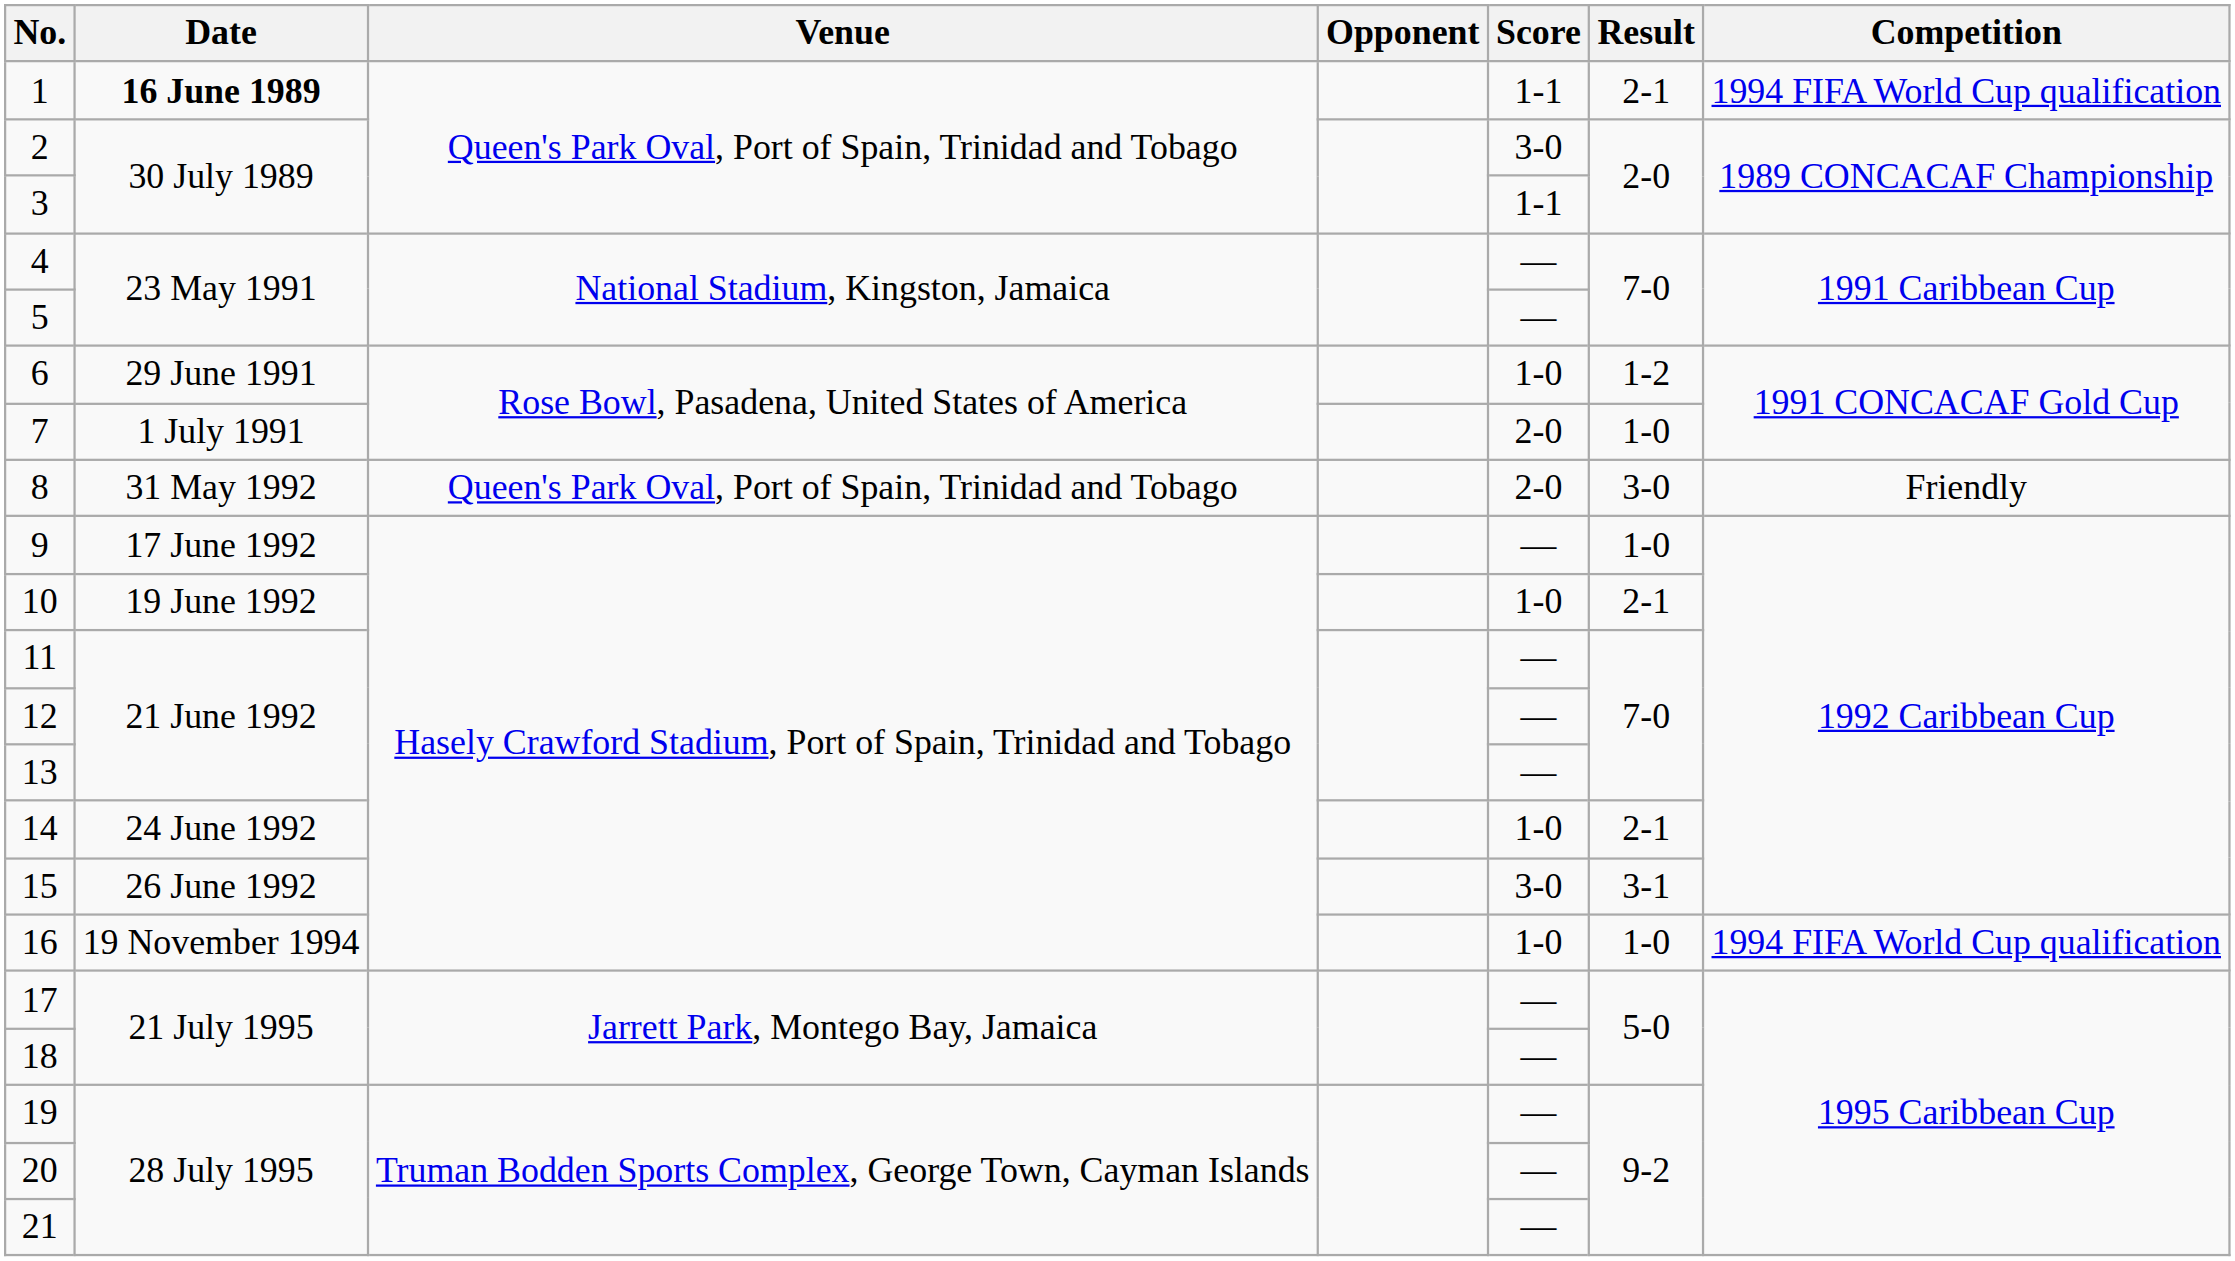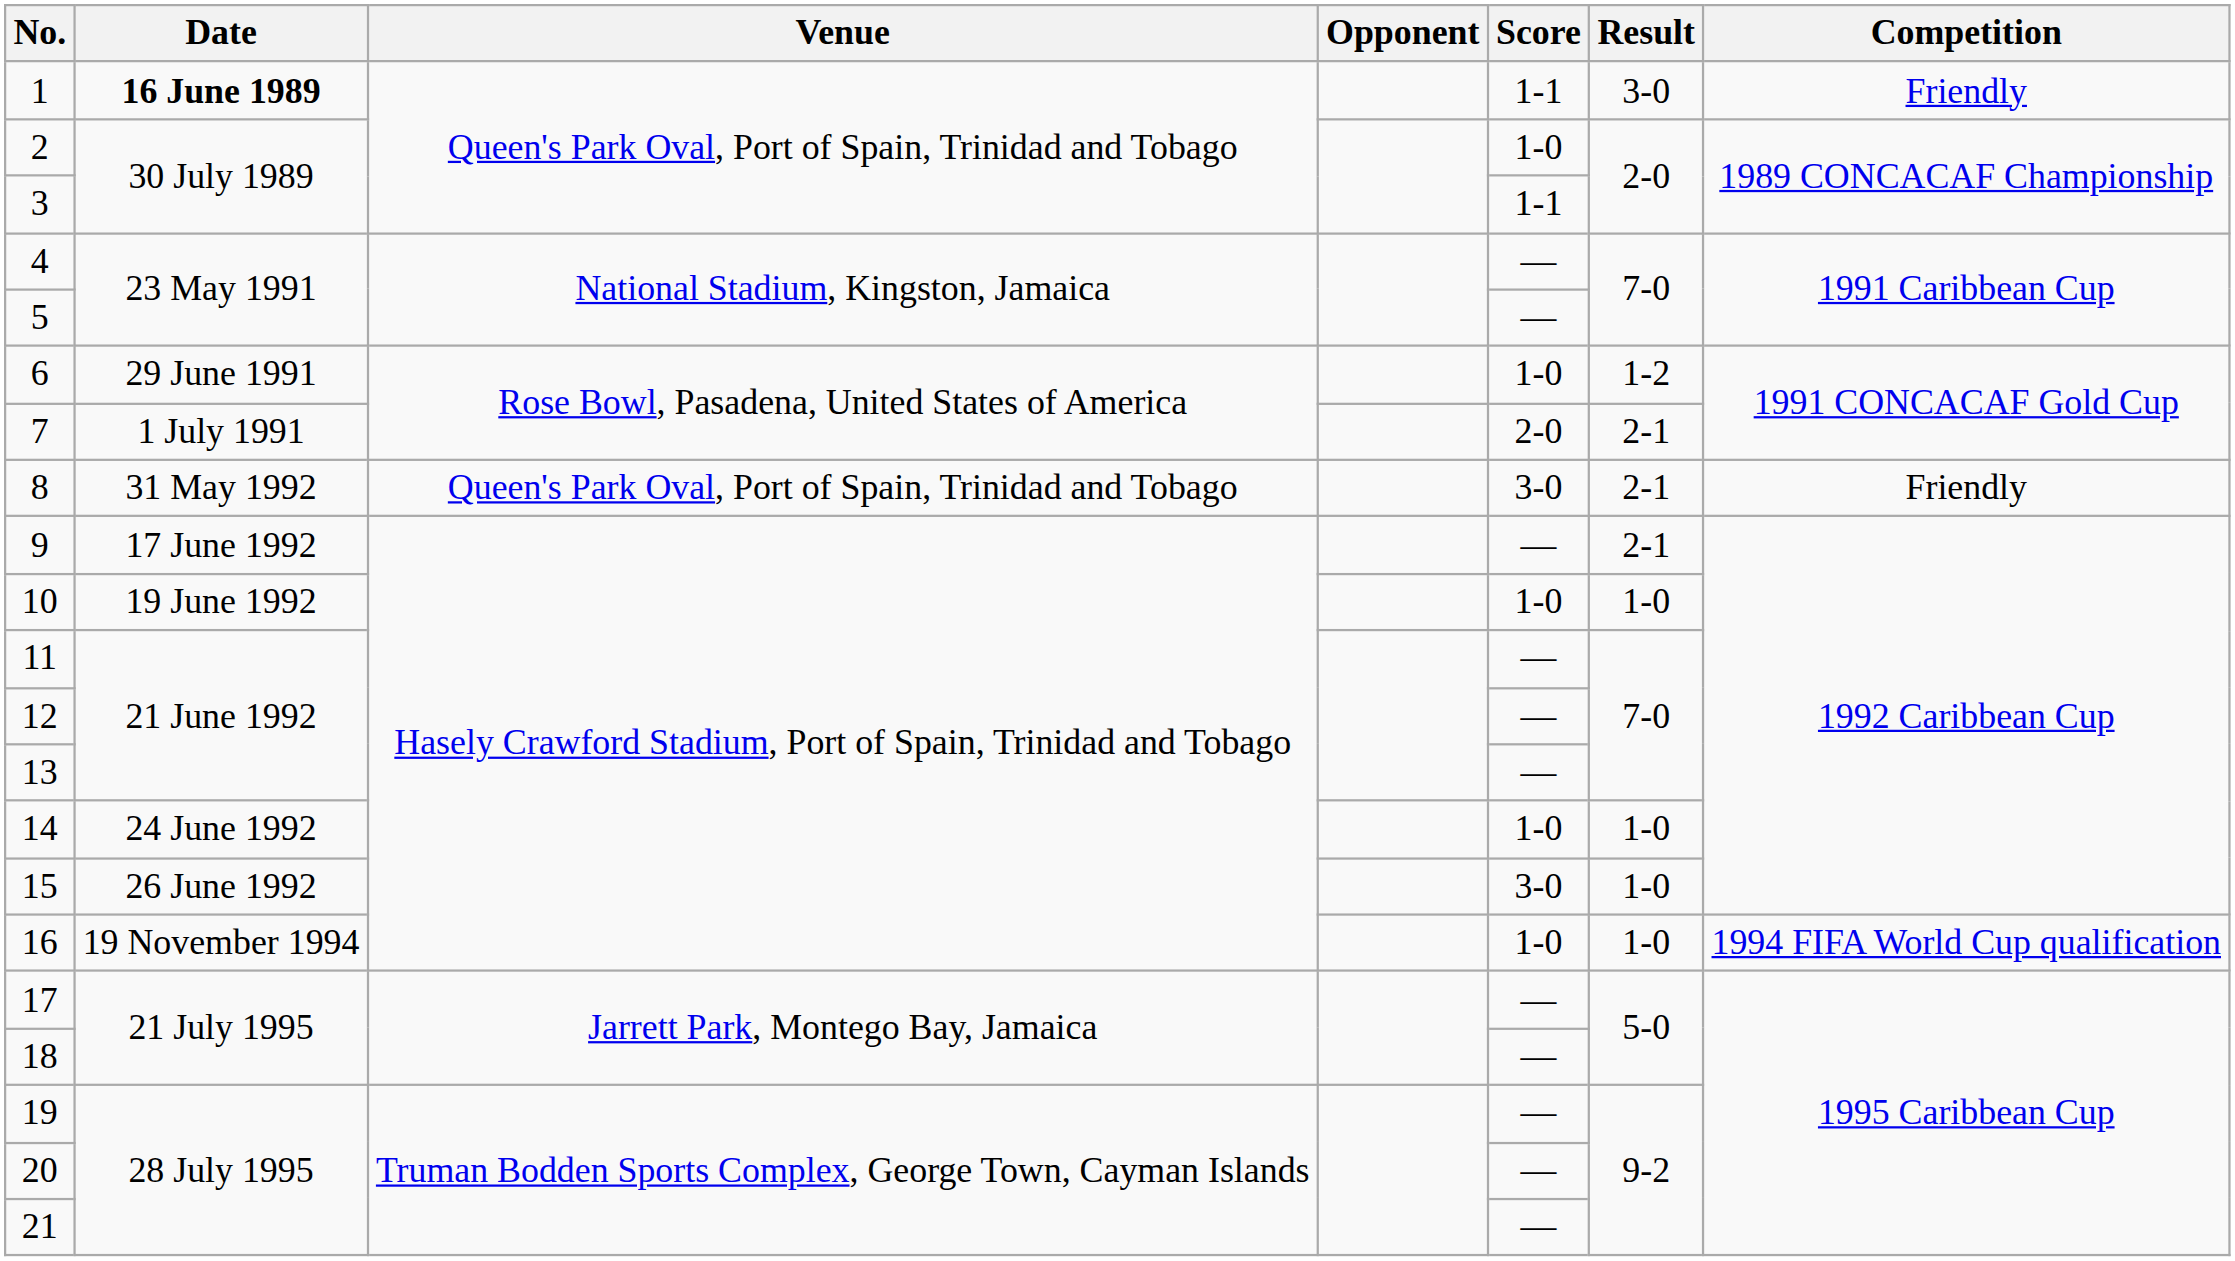 <table class="wikitable sortable">
 <tr>
 <th scope="col">No.</th>
 <th scope="col">Date</th>
 <th scope="col">Venue</th>
 <th scope="col">Opponent</th>
 <th scope="col">Score</th>
 <th scope="col">Result</th>
 <th scope="col">Competition</th>
 </tr>
 <tr>
 <td align="center">1</td>
 <td align="center"><strong>16 June 1989</strong></td>
 <td rowspan="3" align="center"><a href='#'>Queen's Park Oval</a>, Port of Spain, Trinidad and Tobago</td>
 <td align="center"></td>
 <td align="center">1-1</td>
-<td align="center">2-1</td>
-<td align="center"><a href='#'>1994 FIFA World Cup qualification</a></td>
+<td align="center">3-0</td>
+<td align="center"><a href='#'>Friendly</a></td>
 </tr>
 <tr>
 <td align="center">2</td>
 <td rowspan="2" align="center">30 July 1989</td>
 <td rowspan="2" align="center"></td>
-<td align="center">3-0</td>
+<td align="center">1-0</td>
 <td rowspan="2" align="center">2-0</td>
 <td rowspan="2" align="center"><a href='#'>1989 CONCACAF Championship</a></td>
 </tr>
 <tr>
 <td align="center">3</td>
 <td align="center">1-1</td>
 </tr>
 <tr>
 <td align="center">4</td>
 <td rowspan="2" align="center">23 May 1991</td>
 <td rowspan="2" align="center"><a href='#'>National Stadium</a>, Kingston, Jamaica</td>
 <td rowspan="2" align="center"></td>
 <td align="center">—</td>
 <td rowspan="2" align="center">7-0</td>
 <td rowspan="2" align="center"><a href='#'>1991 Caribbean Cup</a></td>
 </tr>
 <tr>
 <td align="center">5</td>
 <td align="center">—</td>
 </tr>
 <tr>
 <td align="center">6</td>
 <td align="center">29 June 1991</td>
 <td rowspan="2" align="center"><a href='#'>Rose Bowl</a>, Pasadena, United States of America</td>
 <td align="center"></td>
 <td align="center">1-0</td>
 <td align="center">1-2</td>
 <td rowspan="2" align="center"><a href='#'>1991 CONCACAF Gold Cup</a></td>
 </tr>
 <tr>
 <td align="center">7</td>
 <td align="center">1 July 1991</td>
 <td align="center"></td>
 <td align="center">2-0</td>
-<td align="center">1-0</td>
+<td align="center">2-1</td>
 </tr>
 <tr>
 <td align="center">8</td>
 <td align="center">31 May 1992</td>
 <td align="center"><a href='#'>Queen's Park Oval</a>, Port of Spain, Trinidad and Tobago</td>
 <td align="center"></td>
-<td align="center">2-0</td>
 <td align="center">3-0</td>
+<td align="center">2-1</td>
 <td align="center">Friendly</td>
 </tr>
 <tr>
 <td align="center">9</td>
 <td align="center">17 June 1992</td>
 <td rowspan="8" align="center"><a href='#'>Hasely Crawford Stadium</a>, Port of Spain, Trinidad and Tobago</td>
 <td align="center"></td>
 <td align="center">—</td>
-<td align="center">1-0</td>
+<td align="center">2-1</td>
 <td rowspan="7" align="center"><a href='#'>1992 Caribbean Cup</a></td>
 </tr>
 <tr>
 <td align="center">10</td>
 <td align="center">19 June 1992</td>
 <td align="center"></td>
 <td align="center">1-0</td>
-<td align="center">2-1</td>
+<td align="center">1-0</td>
 </tr>
 <tr>
 <td align="center">11</td>
 <td rowspan="3" align="center">21 June 1992</td>
 <td rowspan="3" align="center"></td>
 <td align="center">—</td>
 <td rowspan="3" align="center">7-0</td>
 </tr>
 <tr>
 <td align="center">12</td>
 <td align="center">—</td>
 </tr>
 <tr>
 <td align="center">13</td>
 <td align="center">—</td>
 </tr>
 <tr>
 <td align="center">14</td>
 <td align="center">24 June 1992</td>
 <td align="center"></td>
 <td align="center">1-0</td>
-<td align="center">2-1</td>
+<td align="center">1-0</td>
 </tr>
 <tr>
 <td align="center">15</td>
 <td align="center">26 June 1992</td>
 <td align="center"></td>
 <td align="center">3-0</td>
-<td align="center">3-1</td>
+<td align="center">1-0</td>
 </tr>
 <tr>
 <td align="center">16</td>
 <td align="center">19 November 1994</td>
 <td align="center"></td>
 <td align="center">1-0</td>
 <td align="center">1-0</td>
 <td align="center"><a href='#'>1994 FIFA World Cup qualification</a></td>
 </tr>
 <tr>
 <td align="center">17</td>
 <td rowspan="2" align="center">21 July 1995</td>
 <td rowspan="2" align="center"><a href='#'>Jarrett Park</a>, Montego Bay, Jamaica</td>
 <td rowspan="2" align="center"></td>
 <td align="center">—</td>
 <td rowspan="2" align="center">5-0</td>
 <td rowspan="5" align="center"><a href='#'>1995 Caribbean Cup</a></td>
 </tr>
 <tr>
 <td align="center">18</td>
 <td align="center">—</td>
 </tr>
 <tr>
 <td align="center">19</td>
 <td rowspan="3" align="center">28 July 1995</td>
 <td rowspan="3" align="center"><a href='#'>Truman Bodden Sports Complex</a>, George Town, Cayman Islands</td>
 <td rowspan="3" align="center"></td>
 <td align="center">—</td>
 <td rowspan="3" align="center">9-2</td>
 </tr>
 <tr>
 <td align="center">20</td>
 <td align="center">—</td>
 </tr>
 <tr>
 <td align="center">21</td>
 <td align="center">—</td>
 </tr>
 </table>
